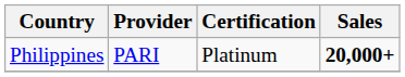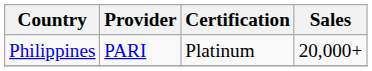 <table class="wikitable">
 <tr>
 <th>Country</th>
 <th>Provider</th>
 <th>Certification</th>
 <th>Sales</th>
 </tr>
 <tr>
 <td><a href='#'>Philippines</a></td>
 <td><a href='#'>PARI</a></td>
 <td>Platinum</td>
-<td><strong>20,000+</strong></td>
+<td>20,000+</td>
 </tr>
 <tr>
 </tr>
 </table>
